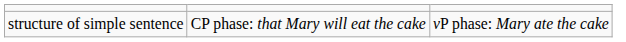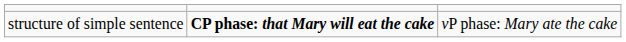 <table class="wikitable">
 <tr>
 <td></td>
 <td></td>
 <td></td>
 </tr>
 <tr>
 <td>structure of simple sentence</td>
-<td>CP phase: <em>that Mary will eat the cake</em></td>
+<td><strong>CP phase: <em>that Mary will eat the cake</em></strong></td>
 <td><em>v</em>P phase: <em>Mary ate the cake</em></td>
 </tr>
 </table>
